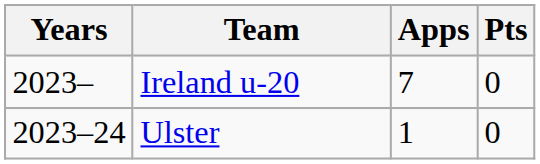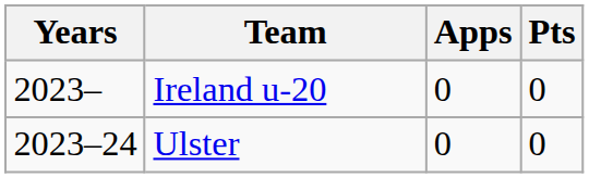 <table class="wikitable" style="text-align:left;">
 <tr>
 <th>Years</th>
 <th width=120px>Team</th>
 <th>Apps</th>
 <th>Pts</th>
 </tr>
 <tr>
 <td>2023–</td>
 <td><a href='#'>Ireland u-20</a></td>
-<td>7</td>
+<td>0</td>
 <td>0</td>
 </tr>
 <tr>
 <td>2023–24</td>
 <td><a href='#'>Ulster</a></td>
-<td>1</td>
+<td>0</td>
 <td>0</td>
 </tr>
 </table>
